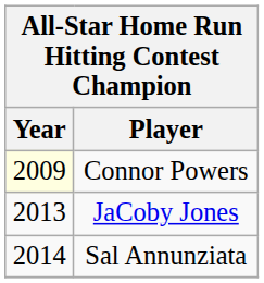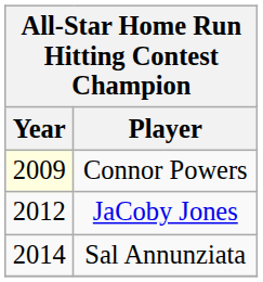 <table class="wikitable" style="display: inline-table; margin-right: 20px; text-align:center">
 <tr>
 <th scope="col" colspan="2" style="width: 145px;">All-Star Home Run Hitting Contest Champion</th>
 </tr>
 <tr>
 <th scope="col">Year</th>
 <th scope="col">Player</th>
 </tr>
 <tr>
 <td style="background: lightyellow;">2009</td>
 <td>Connor Powers</td>
 </tr>
 <tr>
-<td>2013</td>
+<td>2012</td>
 <td><a href='#'>JaCoby Jones</a></td>
 </tr>
 <tr>
 <td>2014</td>
 <td>Sal Annunziata</td>
 </tr>
 <tr>
 </tr>
 </table>
